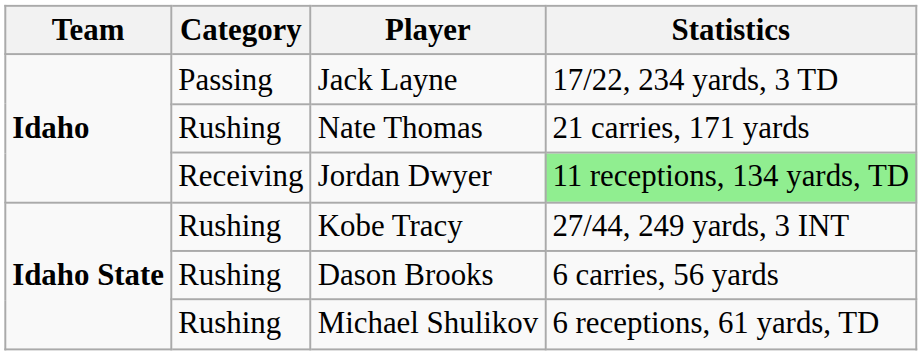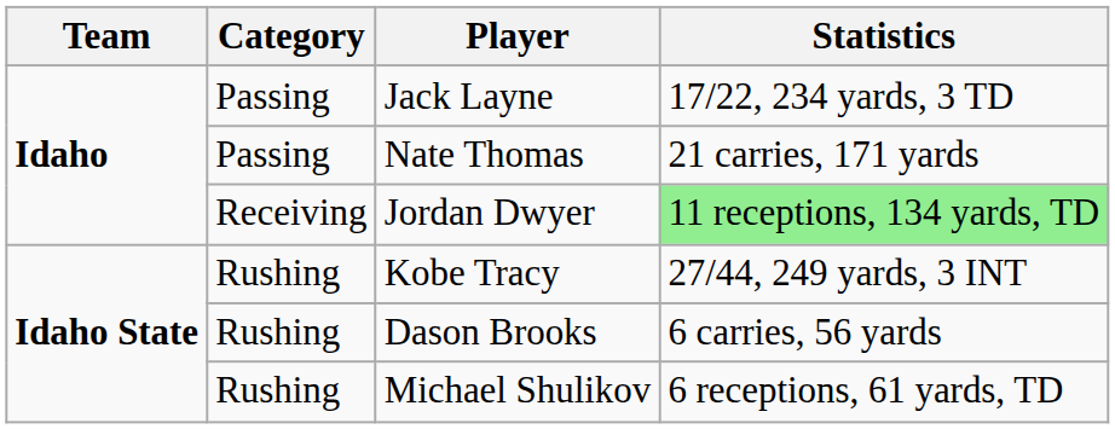 <table class="wikitable" style="float: right;">
 <tr>
 <th>Team</th>
 <th>Category</th>
 <th>Player</th>
 <th>Statistics</th>
 </tr>
 <tr>
 <td rowspan=3><strong>Idaho</strong></td>
 <td>Passing</td>
 <td>Jack Layne</td>
 <td>17/22, 234 yards, 3 TD</td>
 </tr>
 <tr>
-<td>Rushing</td>
+<td>Passing</td>
 <td>Nate Thomas</td>
 <td>21 carries, 171 yards</td>
 </tr>
 <tr>
 <td>Receiving</td>
 <td>Jordan Dwyer</td>
 <td style="background: lightgreen;">11 receptions, 134 yards, TD</td>
 </tr>
 <tr>
 <td rowspan=3><strong>Idaho State</strong></td>
 <td>Rushing</td>
 <td>Kobe Tracy</td>
 <td>27/44, 249 yards, 3 INT</td>
 </tr>
 <tr>
 <td>Rushing</td>
 <td>Dason Brooks</td>
 <td>6 carries, 56 yards</td>
 </tr>
 <tr>
 <td>Rushing</td>
 <td>Michael Shulikov</td>
 <td>6 receptions, 61 yards, TD</td>
 </tr>
 </table>
